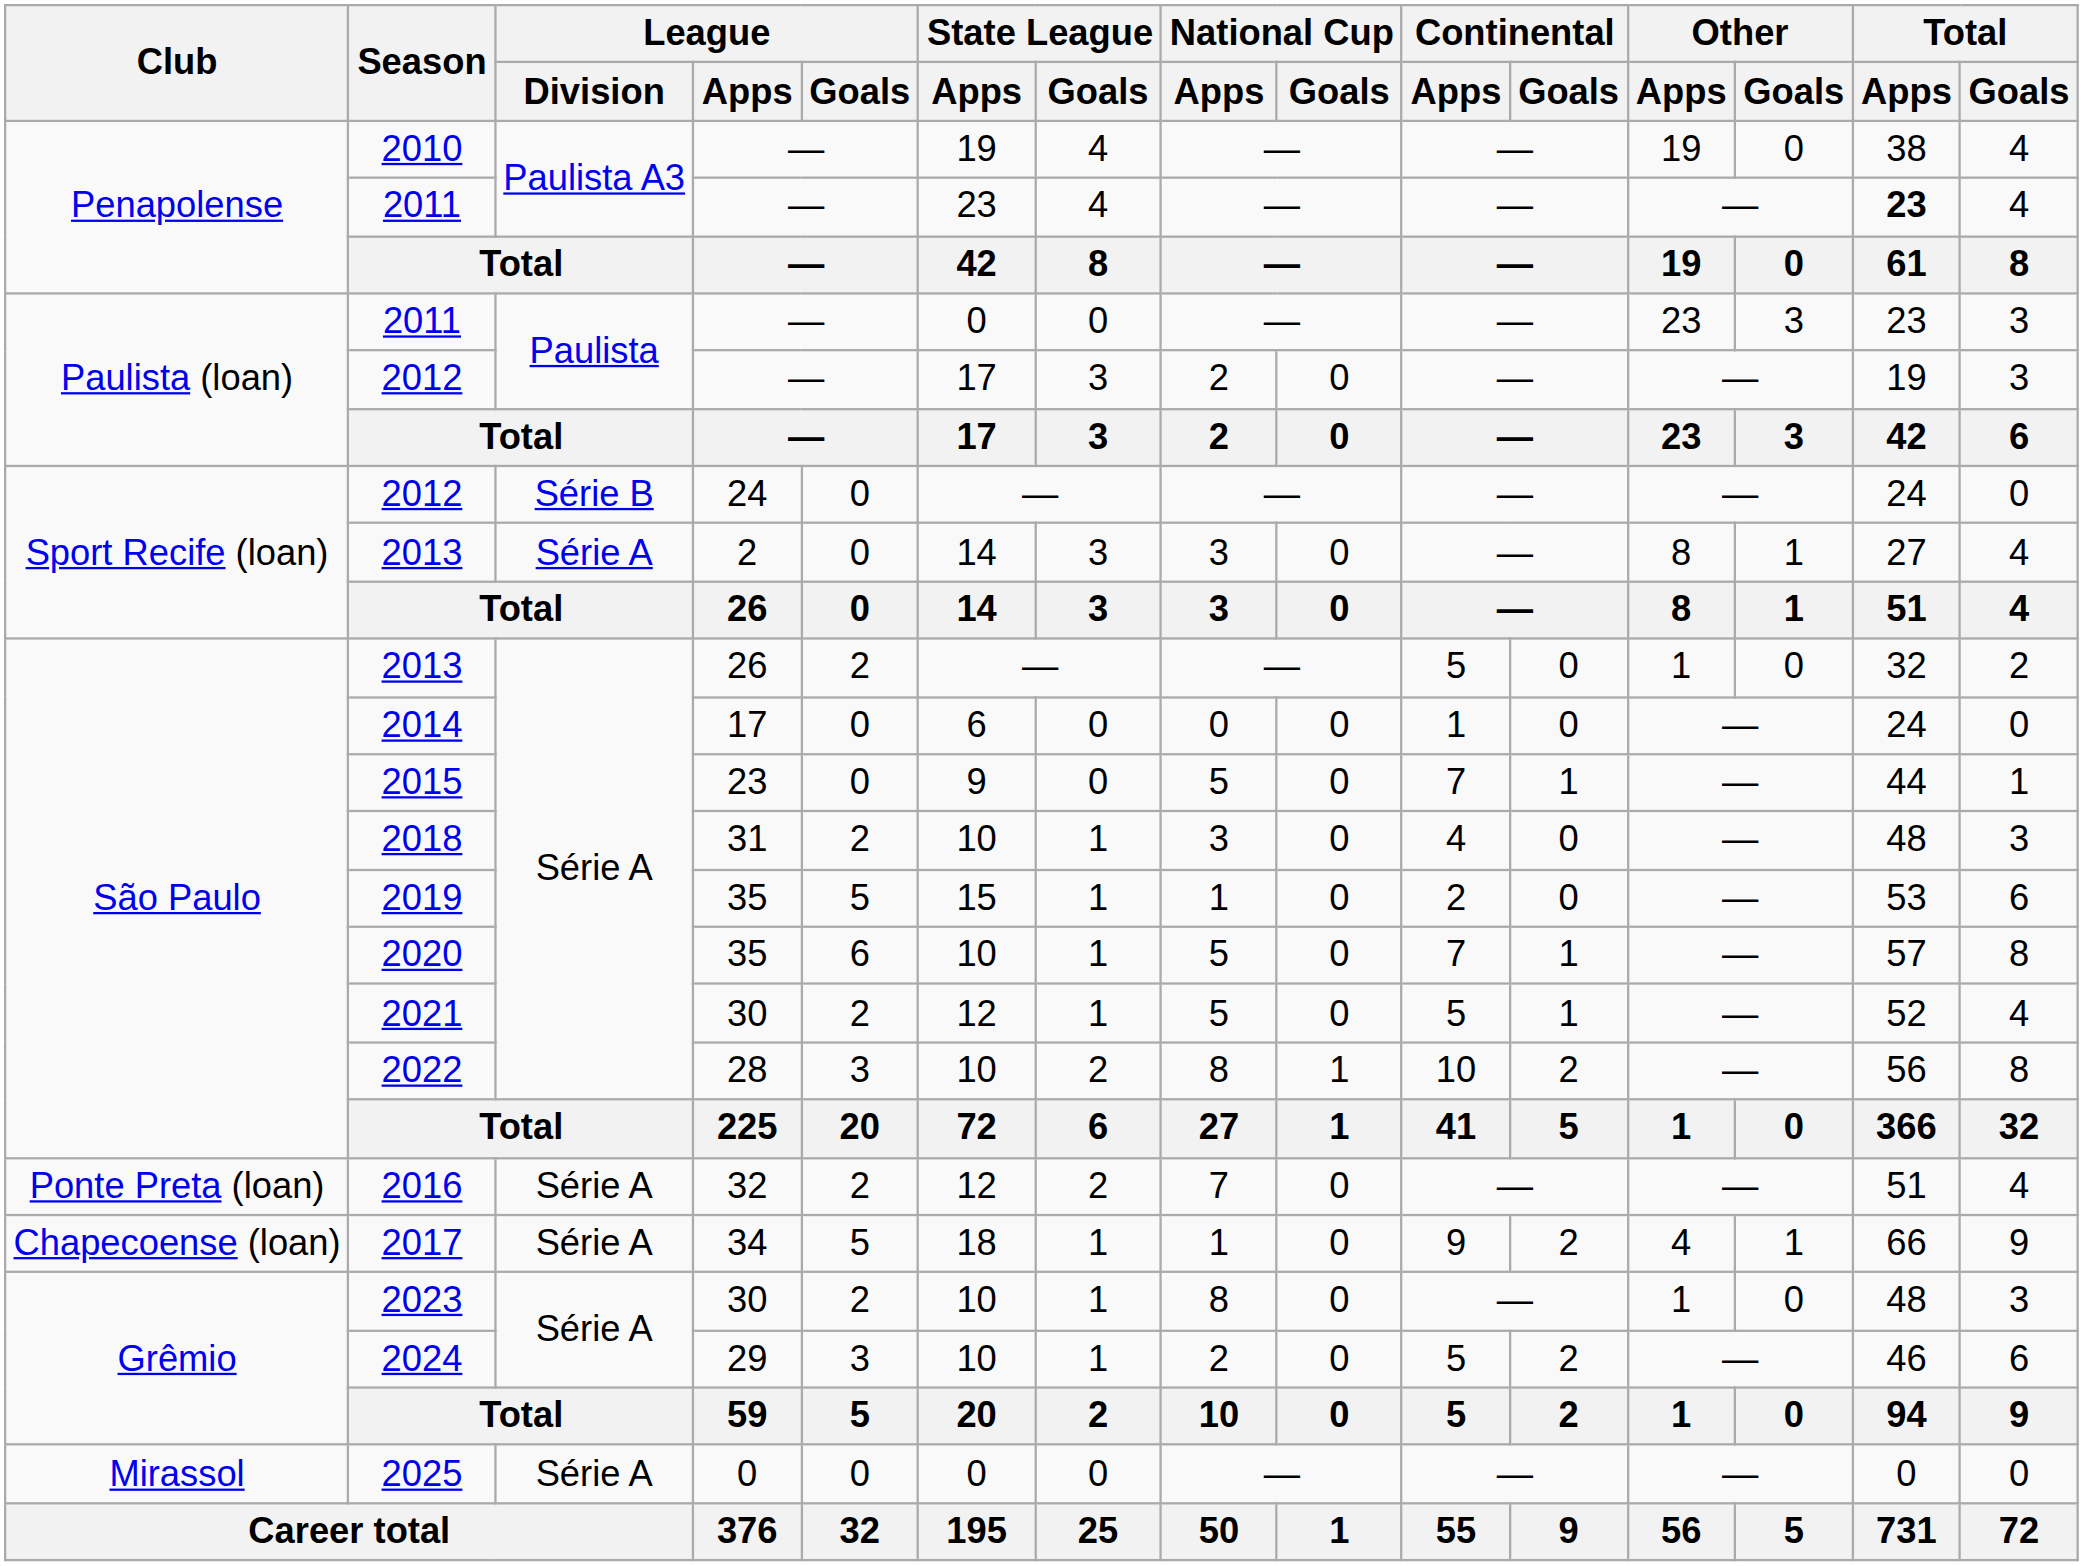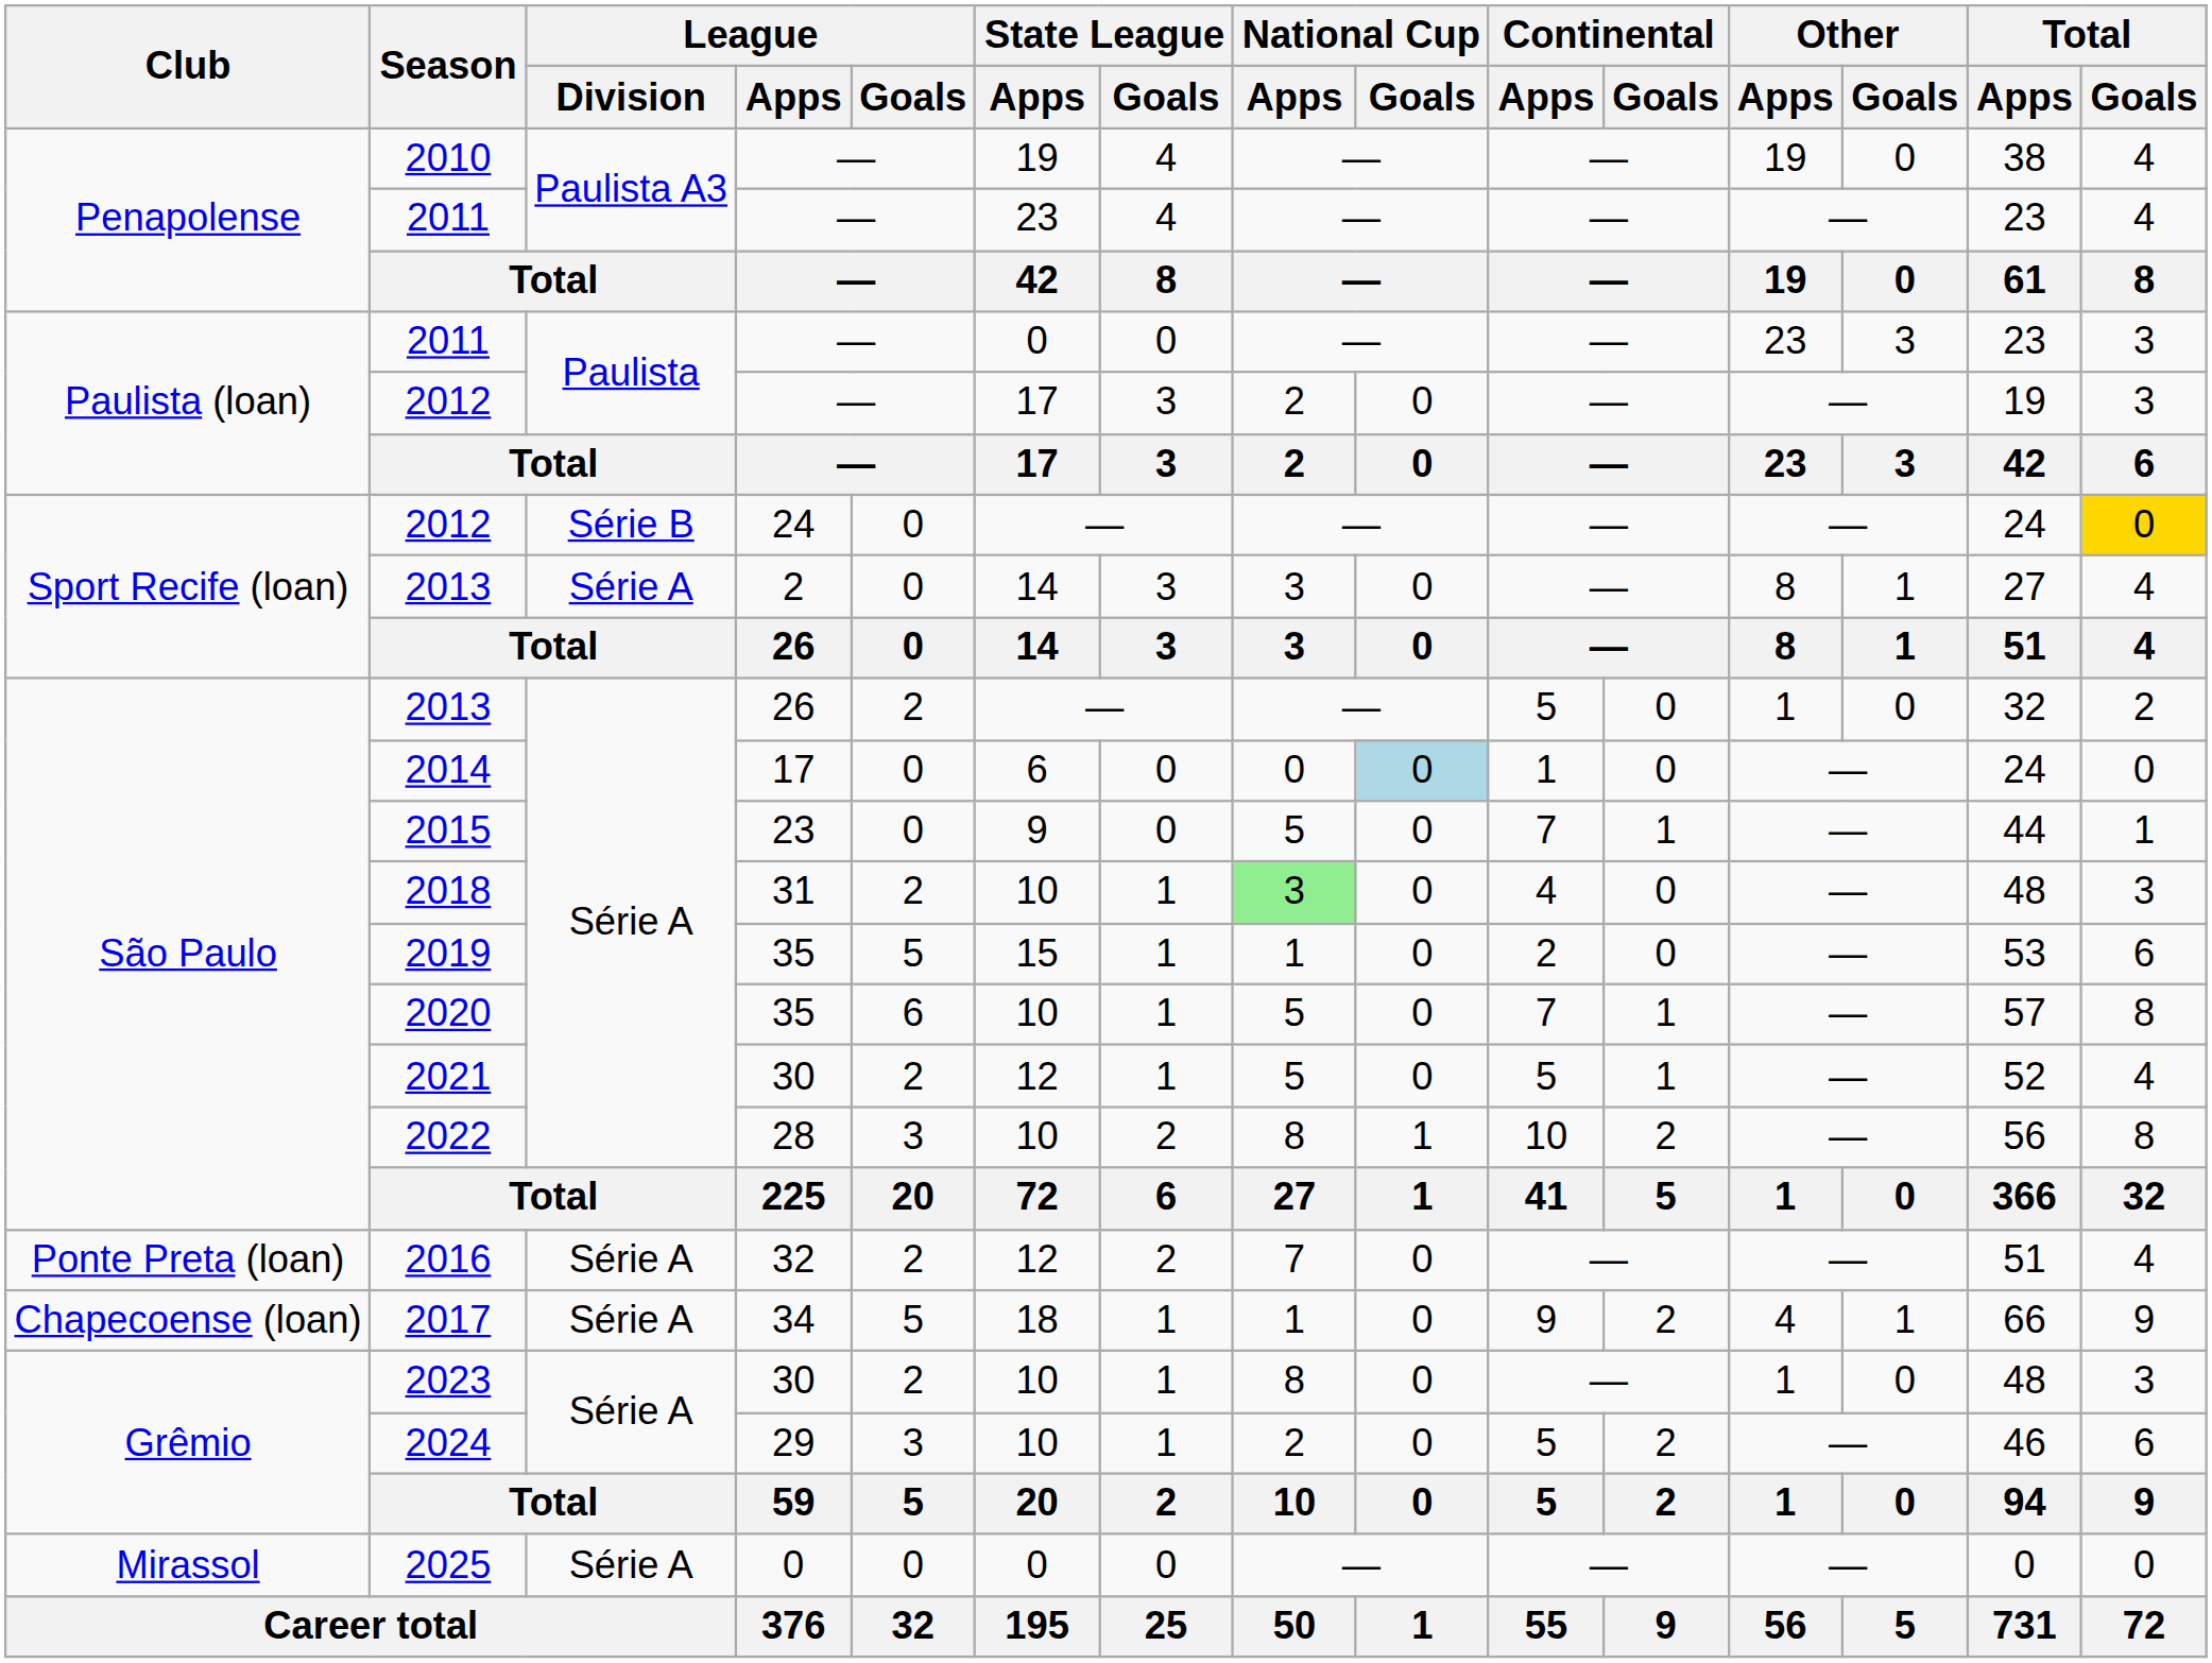 <table class="wikitable" style="text-align: center;">
 <tr>
 <th rowspan="2">Club</th>
 <th rowspan="2">Season</th>
 <th colspan="3">League</th>
 <th colspan="2">State League</th>
 <th colspan="2">National Cup</th>
 <th colspan="2">Continental</th>
 <th colspan="2">Other</th>
 <th colspan="2">Total</th>
 </tr>
 <tr>
 <th>Division</th>
 <th>Apps</th>
 <th>Goals</th>
 <th>Apps</th>
 <th>Goals</th>
 <th>Apps</th>
 <th>Goals</th>
 <th>Apps</th>
 <th>Goals</th>
 <th>Apps</th>
 <th>Goals</th>
 <th>Apps</th>
 <th>Goals</th>
 </tr>
 <tr>
 <td rowspan="3" valign="center"><a href='#'>Penapolense</a></td>
 <td><a href='#'>2010</a></td>
 <td rowspan="2"><a href='#'>Paulista A3</a></td>
 <td colspan="2">—</td>
 <td>19</td>
 <td>4</td>
 <td colspan="2">—</td>
 <td colspan="2">—</td>
 <td>19</td>
 <td>0</td>
 <td>38</td>
 <td>4</td>
 </tr>
 <tr>
 <td><a href='#'>2011</a></td>
 <td colspan="2">—</td>
 <td>23</td>
 <td>4</td>
 <td colspan="2">—</td>
 <td colspan="2">—</td>
 <td colspan="2">—</td>
-<td><strong>23</strong></td>
+<td>23</td>
 <td>4</td>
 </tr>
 <tr>
 <th colspan="2">Total</th>
 <th colspan="2">—</th>
 <th>42</th>
 <th>8</th>
 <th colspan="2">—</th>
 <th colspan="2">—</th>
 <th>19</th>
 <th>0</th>
 <th>61</th>
 <th>8</th>
 </tr>
 <tr>
 <td rowspan="3" valign="center"><a href='#'>Paulista</a> (loan)</td>
 <td><a href='#'>2011</a></td>
 <td rowspan="2"><a href='#'>Paulista</a></td>
 <td colspan="2">—</td>
 <td>0</td>
 <td>0</td>
 <td colspan="2">—</td>
 <td colspan="2">—</td>
 <td>23</td>
 <td>3</td>
 <td>23</td>
 <td>3</td>
 </tr>
 <tr>
 <td><a href='#'>2012</a></td>
 <td colspan="2">—</td>
 <td>17</td>
 <td>3</td>
 <td>2</td>
 <td>0</td>
 <td colspan="2">—</td>
 <td colspan="2">—</td>
 <td>19</td>
 <td>3</td>
 </tr>
 <tr>
 <th colspan="2">Total</th>
 <th colspan="2">—</th>
 <th>17</th>
 <th>3</th>
 <th>2</th>
 <th>0</th>
 <th colspan="2">—</th>
 <th>23</th>
 <th>3</th>
 <th>42</th>
 <th>6</th>
 </tr>
 <tr>
 <td rowspan="3" valign="center"><a href='#'>Sport Recife</a> (loan)</td>
 <td><a href='#'>2012</a></td>
 <td><a href='#'>Série B</a></td>
 <td>24</td>
 <td>0</td>
 <td colspan="2">—</td>
 <td colspan="2">—</td>
 <td colspan="2">—</td>
 <td colspan="2">—</td>
 <td>24</td>
-<td>0</td>
+<td style="background: gold;">0</td>
 </tr>
 <tr>
 <td><a href='#'>2013</a></td>
 <td><a href='#'>Série A</a></td>
 <td>2</td>
 <td>0</td>
 <td>14</td>
 <td>3</td>
 <td>3</td>
 <td>0</td>
 <td colspan="2">—</td>
 <td>8</td>
 <td>1</td>
 <td>27</td>
 <td>4</td>
 </tr>
 <tr>
 <th colspan="2">Total</th>
 <th>26</th>
 <th>0</th>
 <th>14</th>
 <th>3</th>
 <th>3</th>
 <th>0</th>
 <th colspan="2">—</th>
 <th>8</th>
 <th>1</th>
 <th>51</th>
 <th>4</th>
 </tr>
 <tr>
 <td rowspan="9" valign="center"><a href='#'>São Paulo</a></td>
 <td><a href='#'>2013</a></td>
 <td rowspan="8">Série A</td>
 <td>26</td>
 <td>2</td>
 <td colspan="2">—</td>
 <td colspan="2">—</td>
 <td>5</td>
 <td>0</td>
 <td>1</td>
 <td>0</td>
 <td>32</td>
 <td>2</td>
 </tr>
 <tr>
 <td><a href='#'>2014</a></td>
 <td>17</td>
 <td>0</td>
 <td>6</td>
 <td>0</td>
 <td>0</td>
-<td>0</td>
+<td style="background: lightblue;">0</td>
 <td>1</td>
 <td>0</td>
 <td colspan="2">—</td>
 <td>24</td>
 <td>0</td>
 </tr>
 <tr>
 <td><a href='#'>2015</a></td>
 <td>23</td>
 <td>0</td>
 <td>9</td>
 <td>0</td>
 <td>5</td>
 <td>0</td>
 <td>7</td>
 <td>1</td>
 <td colspan="2">—</td>
 <td>44</td>
 <td>1</td>
 </tr>
 <tr>
 <td><a href='#'>2018</a></td>
 <td>31</td>
 <td>2</td>
 <td>10</td>
 <td>1</td>
-<td>3</td>
+<td style="background: lightgreen;">3</td>
 <td>0</td>
 <td>4</td>
 <td>0</td>
 <td colspan="2">—</td>
 <td>48</td>
 <td>3</td>
 </tr>
 <tr>
 <td><a href='#'>2019</a></td>
 <td>35</td>
 <td>5</td>
 <td>15</td>
 <td>1</td>
 <td>1</td>
 <td>0</td>
 <td>2</td>
 <td>0</td>
 <td colspan="2">—</td>
 <td>53</td>
 <td>6</td>
 </tr>
 <tr>
 <td><a href='#'>2020</a></td>
 <td>35</td>
 <td>6</td>
 <td>10</td>
 <td>1</td>
 <td>5</td>
 <td>0</td>
 <td>7</td>
 <td>1</td>
 <td colspan="2">—</td>
 <td>57</td>
 <td>8</td>
 </tr>
 <tr>
 <td><a href='#'>2021</a></td>
 <td>30</td>
 <td>2</td>
 <td>12</td>
 <td>1</td>
 <td>5</td>
 <td>0</td>
 <td>5</td>
 <td>1</td>
 <td colspan="2">—</td>
 <td>52</td>
 <td>4</td>
 </tr>
 <tr>
 <td><a href='#'>2022</a></td>
 <td>28</td>
 <td>3</td>
 <td>10</td>
 <td>2</td>
 <td>8</td>
 <td>1</td>
 <td>10</td>
 <td>2</td>
 <td colspan="2">—</td>
 <td>56</td>
 <td>8</td>
 </tr>
 <tr>
 <th colspan="2">Total</th>
 <th>225</th>
 <th>20</th>
 <th>72</th>
 <th>6</th>
 <th>27</th>
 <th>1</th>
 <th>41</th>
 <th>5</th>
 <th>1</th>
 <th>0</th>
 <th>366</th>
 <th>32</th>
 </tr>
 <tr>
 <td valign="center"><a href='#'>Ponte Preta</a> (loan)</td>
 <td><a href='#'>2016</a></td>
 <td>Série A</td>
 <td>32</td>
 <td>2</td>
 <td>12</td>
 <td>2</td>
 <td>7</td>
 <td>0</td>
 <td colspan="2">—</td>
 <td colspan="2">—</td>
 <td>51</td>
 <td>4</td>
 </tr>
 <tr>
 <td valign="center"><a href='#'>Chapecoense</a> (loan)</td>
 <td><a href='#'>2017</a></td>
 <td>Série A</td>
 <td>34</td>
 <td>5</td>
 <td>18</td>
 <td>1</td>
 <td>1</td>
 <td>0</td>
 <td>9</td>
 <td>2</td>
 <td>4</td>
 <td>1</td>
 <td>66</td>
 <td>9</td>
 </tr>
 <tr>
 <td rowspan="3" valign="center"><a href='#'>Grêmio</a></td>
 <td><a href='#'>2023</a></td>
 <td rowspan="2">Série A</td>
 <td>30</td>
 <td>2</td>
 <td>10</td>
 <td>1</td>
 <td>8</td>
 <td>0</td>
 <td colspan="2">—</td>
 <td>1</td>
 <td>0</td>
 <td>48</td>
 <td>3</td>
 </tr>
 <tr>
 <td><a href='#'>2024</a></td>
 <td>29</td>
 <td>3</td>
 <td>10</td>
 <td>1</td>
 <td>2</td>
 <td>0</td>
 <td>5</td>
 <td>2</td>
 <td colspan="2">—</td>
 <td>46</td>
 <td>6</td>
 </tr>
 <tr>
 <th colspan="2">Total</th>
 <th>59</th>
 <th>5</th>
 <th>20</th>
 <th>2</th>
 <th>10</th>
 <th>0</th>
 <th>5</th>
 <th>2</th>
 <th>1</th>
 <th>0</th>
 <th>94</th>
 <th>9</th>
 </tr>
 <tr>
 <td><a href='#'>Mirassol</a></td>
 <td><a href='#'>2025</a></td>
 <td>Série A</td>
 <td>0</td>
 <td>0</td>
 <td>0</td>
 <td>0</td>
 <td colspan="2">—</td>
 <td colspan="2">—</td>
 <td colspan="2">—</td>
 <td>0</td>
 <td>0</td>
 </tr>
 <tr>
 <th colspan="3">Career total</th>
 <th>376</th>
 <th>32</th>
 <th>195</th>
 <th>25</th>
 <th>50</th>
 <th>1</th>
 <th>55</th>
 <th>9</th>
 <th>56</th>
 <th>5</th>
 <th>731</th>
 <th>72</th>
 </tr>
 </table>
